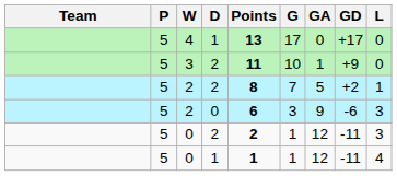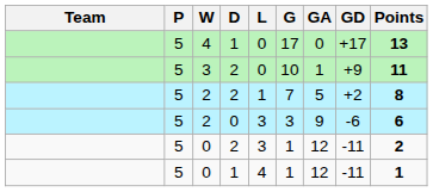 <table class="wikitable" style="text-align:center">
 <tr>
 <th width=150>Team</th>
 <th width=20>P</th>
 <th width=20>W</th>
 <th width=20>D</th>
-<th width=20>Points</th>
+<th width=20>L</th>
 <th width=20>G</th>
 <th width=20>GA</th>
 <th width=20>GD</th>
-<th width=20>L</th>
+<th width=20>Points</th>
 </tr>
 <tr style="background-color:#BBF3BB">
 <td align="left"></td>
 <td>5</td>
 <td>4</td>
 <td>1</td>
-<td><strong>13</strong></td>
+<td>0</td>
 <td>17</td>
 <td>0</td>
 <td>+17</td>
-<td>0</td>
+<td><strong>13</strong></td>
 </tr>
 <tr style="background-color:#BBF3BB">
 <td align="left"></td>
 <td>5</td>
 <td>3</td>
 <td>2</td>
-<td><strong>11</strong></td>
+<td>0</td>
 <td>10</td>
 <td>1</td>
 <td>+9</td>
-<td>0</td>
+<td><strong>11</strong></td>
 </tr>
 <tr style="background-color:#BBF3FF">
 <td align="left"></td>
 <td>5</td>
 <td>2</td>
 <td>2</td>
-<td><strong>8</strong></td>
+<td>1</td>
 <td>7</td>
 <td>5</td>
 <td>+2</td>
-<td>1</td>
+<td><strong>8</strong></td>
 </tr>
 <tr style="background-color:#BBF3FF">
 <td align="left"></td>
 <td>5</td>
 <td>2</td>
 <td>0</td>
-<td><strong>6</strong></td>
+<td>3</td>
 <td>3</td>
 <td>9</td>
 <td>-6</td>
-<td>3</td>
+<td><strong>6</strong></td>
 </tr>
 <tr>
 <td align="left"></td>
 <td>5</td>
 <td>0</td>
 <td>2</td>
-<td><strong>2</strong></td>
+<td>3</td>
 <td>1</td>
 <td>12</td>
 <td>-11</td>
-<td>3</td>
+<td><strong>2</strong></td>
 </tr>
 <tr>
 <td align="left"></td>
 <td>5</td>
 <td>0</td>
 <td>1</td>
-<td><strong>1</strong></td>
+<td>4</td>
 <td>1</td>
 <td>12</td>
 <td>-11</td>
-<td>4</td>
+<td><strong>1</strong></td>
 </tr>
 </table>
